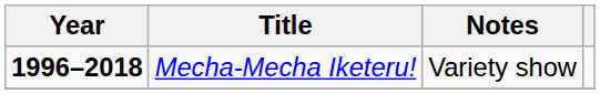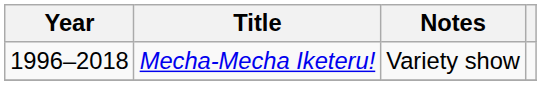 <table class="wikitable">
 <tr>
 <th>Year</th>
 <th>Title</th>
 <th>Notes</th>
 <th></th>
 </tr>
 <tr>
-<td><strong>1996–2018</strong></td>
+<td>1996–2018</td>
 <td><em><a href='#'>Mecha-Mecha Iketeru!</a></em></td>
 <td>Variety show</td>
 <td></td>
 </tr>
 <tr>
 </tr>
 </table>
